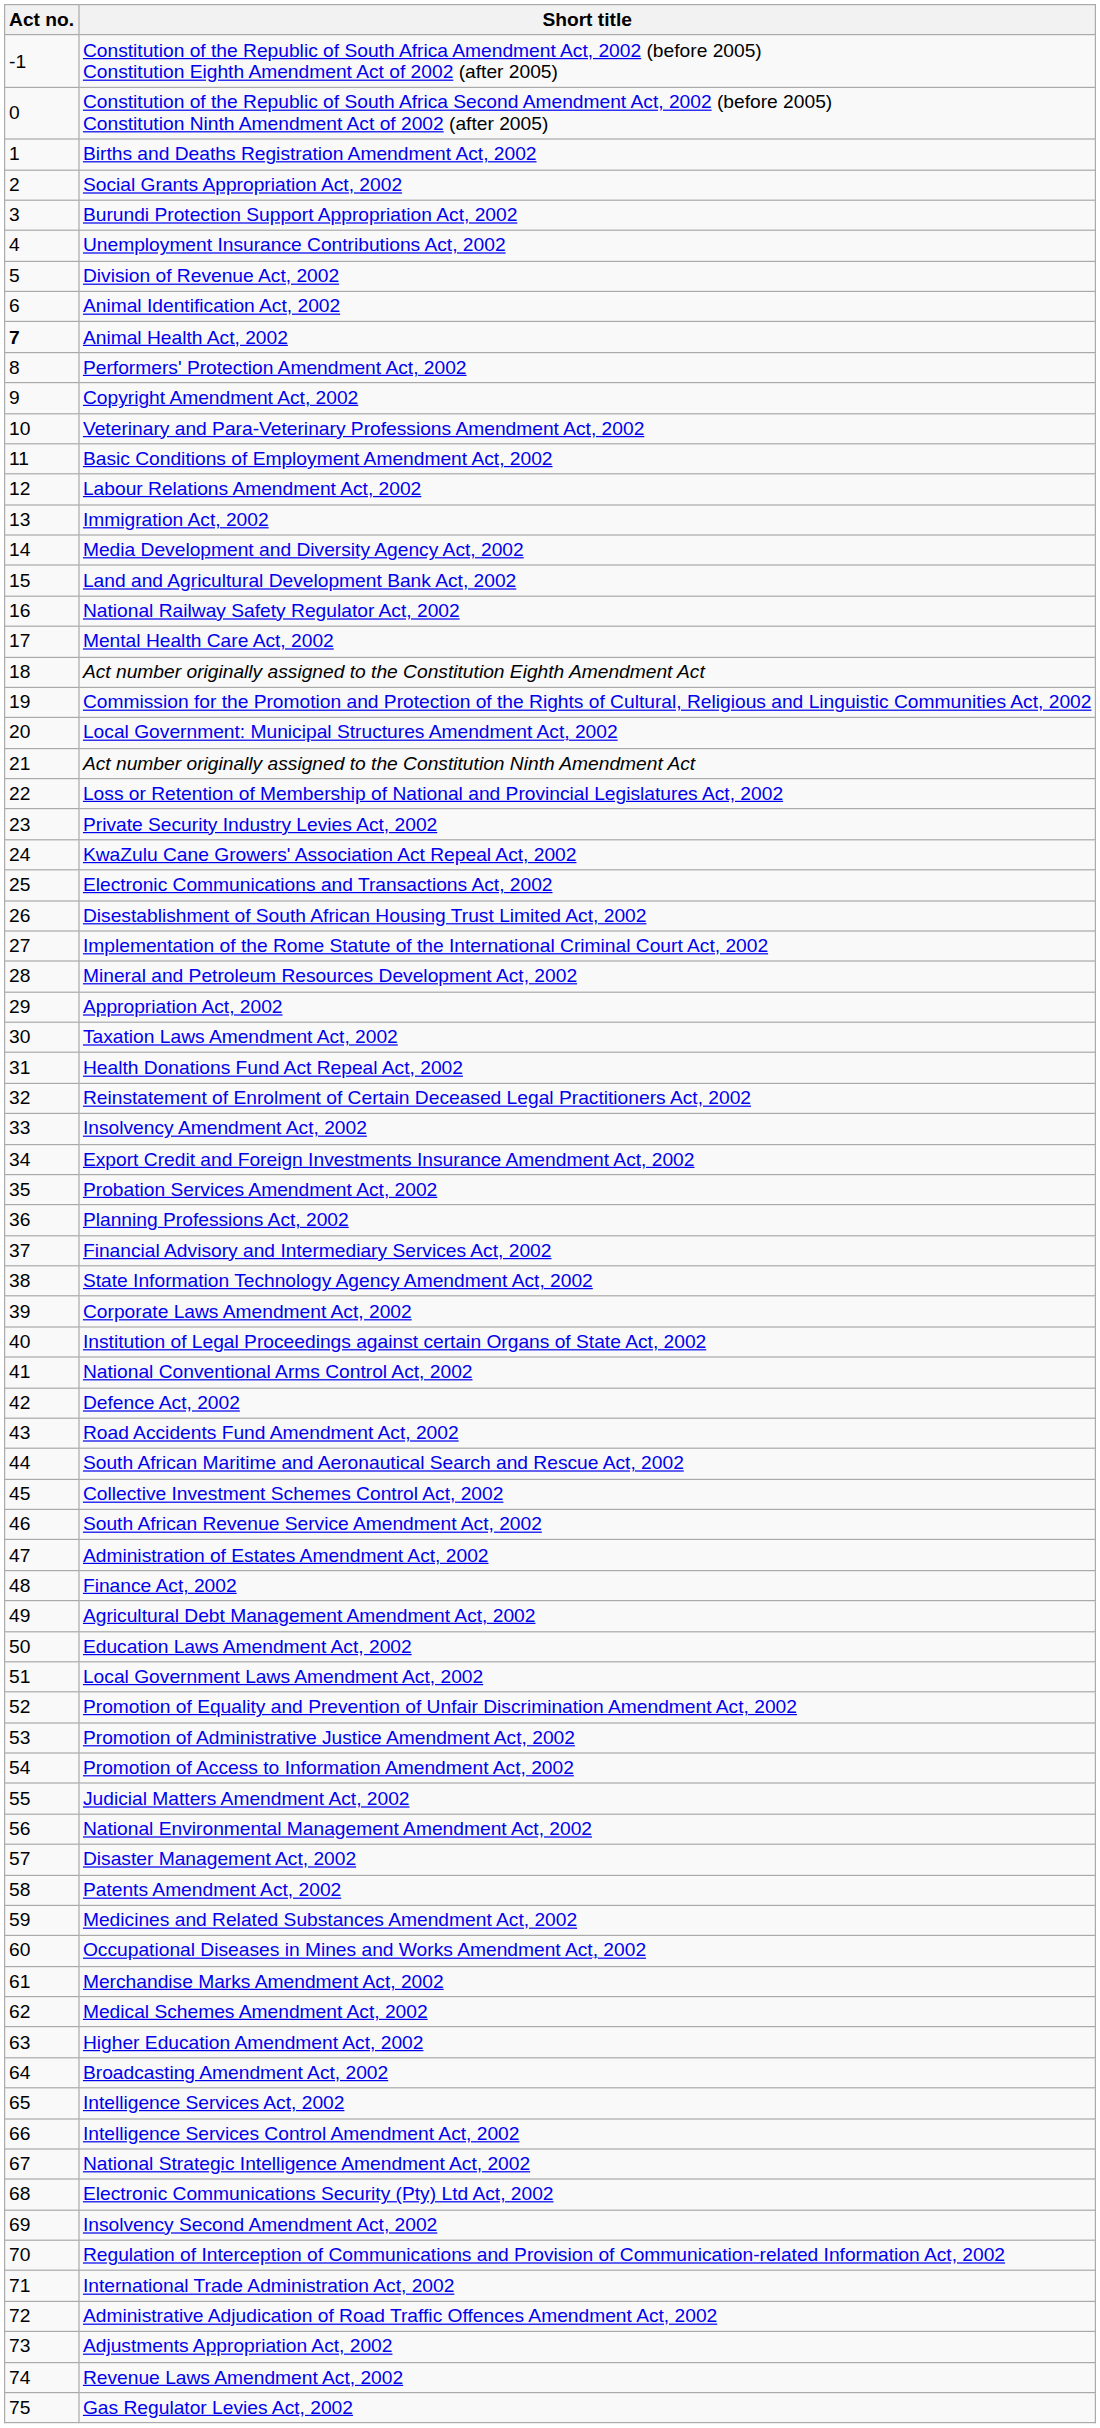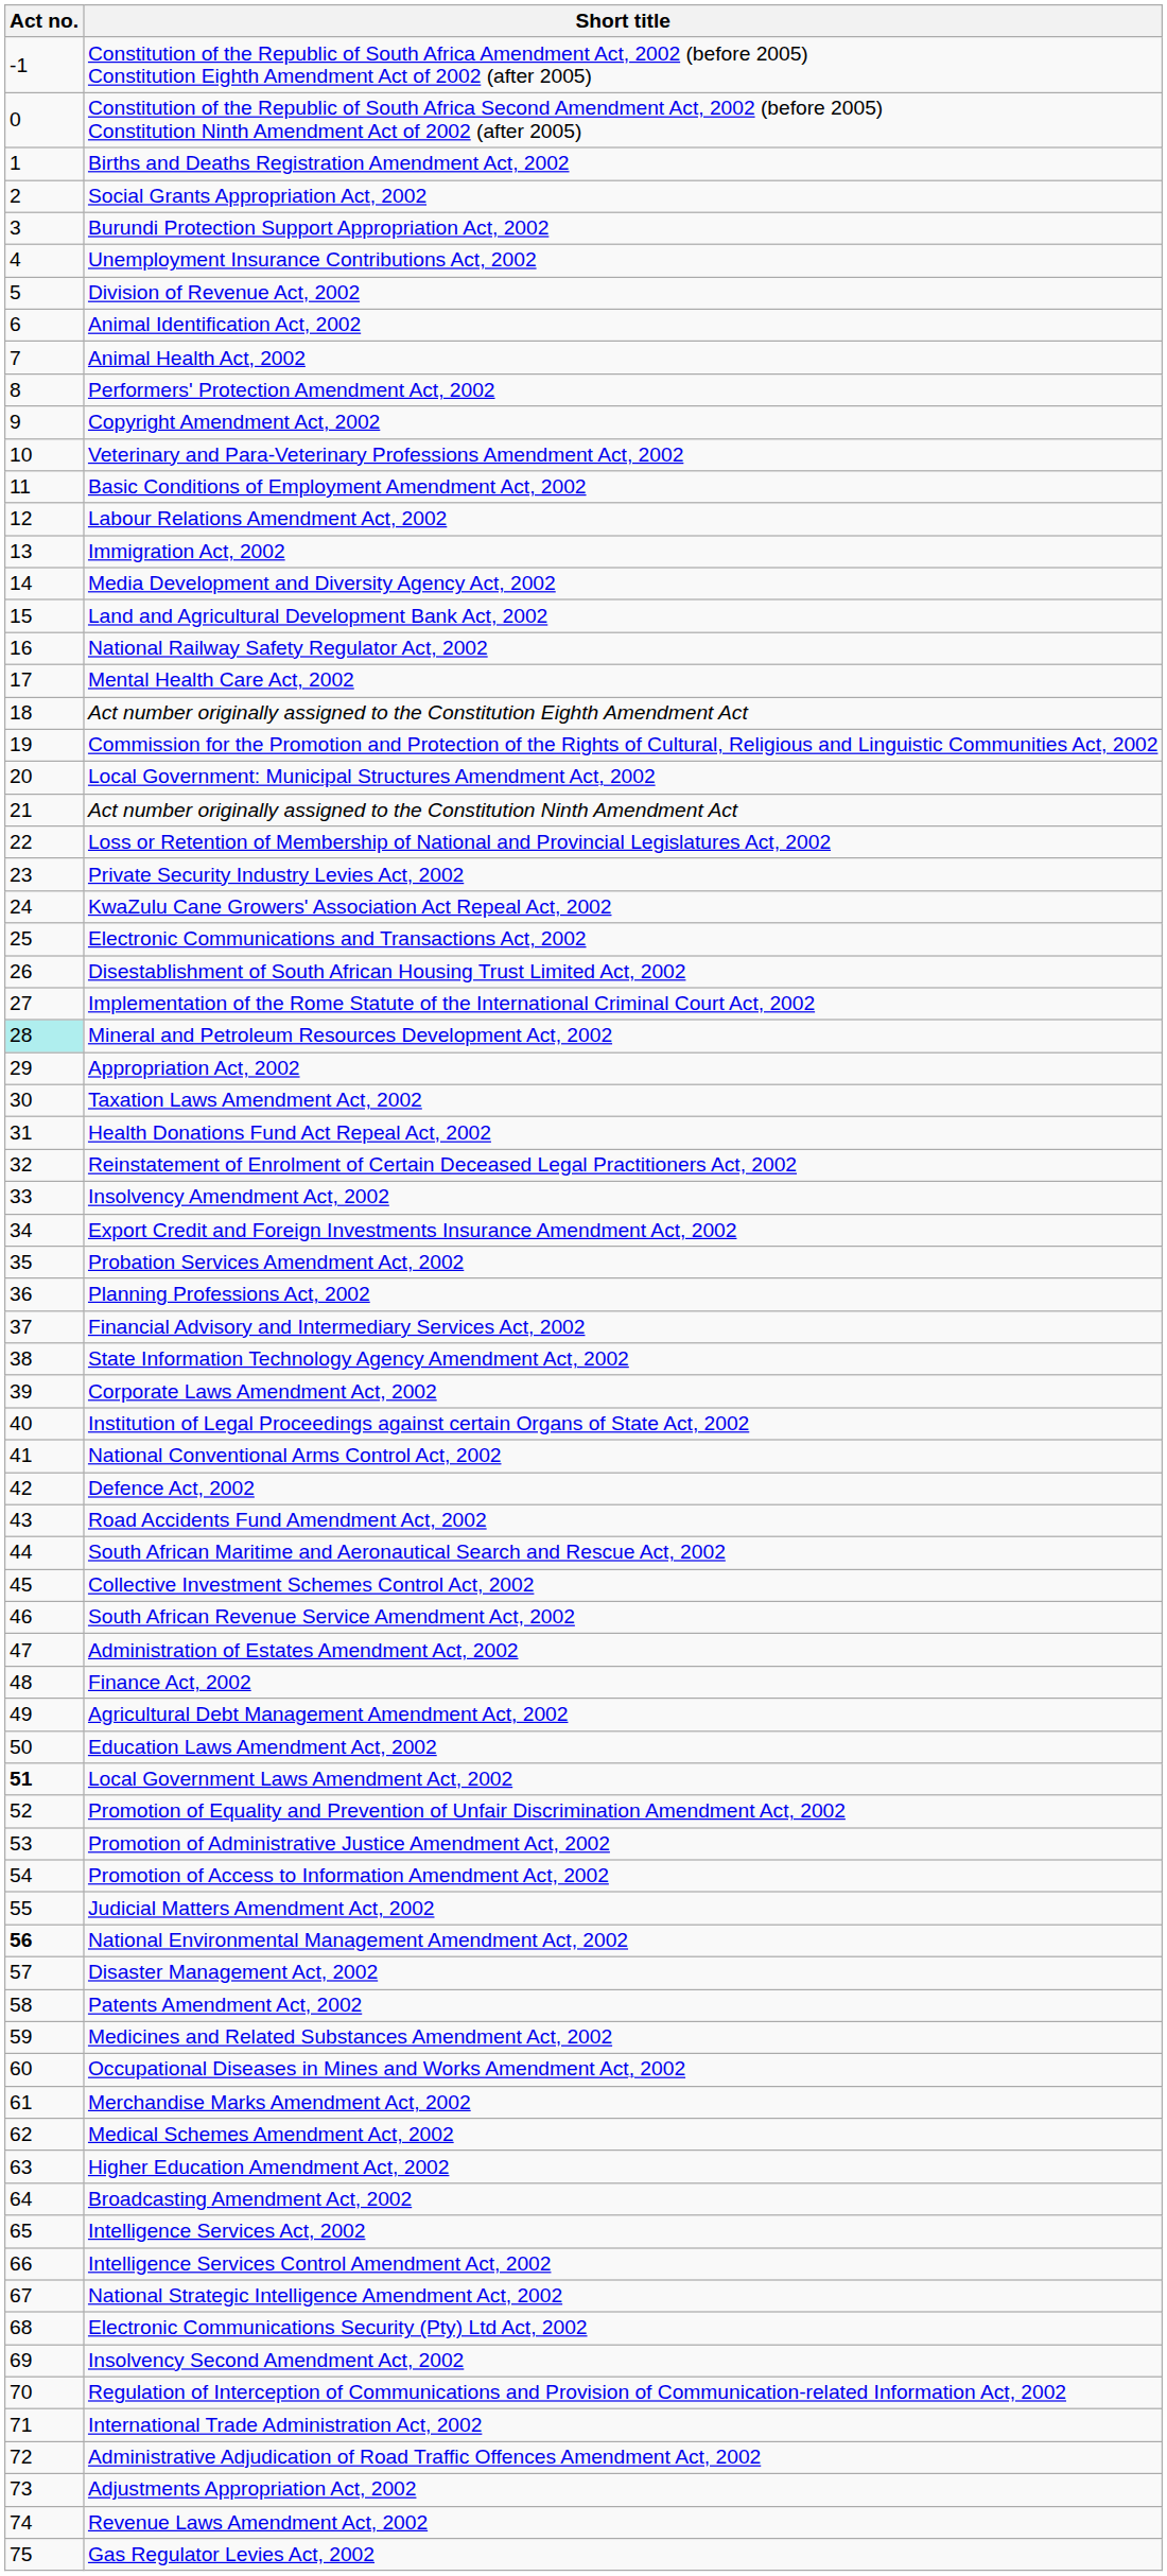 <table class="wikitable sortable">
 <tr>
 <th>Act no.</th>
 <th>Short title</th>
 </tr>
 <tr>
 <td><span>-1</span></td>
 <td><a href='#'>Constitution of the Republic of South Africa Amendment Act, 2002</a> (before 2005) <br><a href='#'>Constitution Eighth Amendment Act of 2002</a> (after 2005)</td>
 </tr>
 <tr>
 <td><span>0</span></td>
 <td><a href='#'>Constitution of the Republic of South Africa Second Amendment Act, 2002</a> (before 2005) <br><a href='#'>Constitution Ninth Amendment Act of 2002</a> (after 2005)</td>
 </tr>
 <tr>
 <td>1</td>
 <td><a href='#'>Births and Deaths Registration Amendment Act, 2002</a></td>
 </tr>
 <tr>
 <td>2</td>
 <td><a href='#'>Social Grants Appropriation Act, 2002</a></td>
 </tr>
 <tr>
 <td>3</td>
 <td><a href='#'>Burundi Protection Support Appropriation Act, 2002</a></td>
 </tr>
 <tr>
 <td>4</td>
 <td><a href='#'>Unemployment Insurance Contributions Act, 2002</a></td>
 </tr>
 <tr>
 <td>5</td>
 <td><a href='#'>Division of Revenue Act, 2002</a></td>
 </tr>
 <tr>
 <td>6</td>
 <td><a href='#'>Animal Identification Act, 2002</a></td>
 </tr>
 <tr>
-<td><strong>7</strong></td>
+<td>7</td>
 <td><a href='#'>Animal Health Act, 2002</a></td>
 </tr>
 <tr>
 <td>8</td>
 <td><a href='#'>Performers' Protection Amendment Act, 2002</a></td>
 </tr>
 <tr>
 <td>9</td>
 <td><a href='#'>Copyright Amendment Act, 2002</a></td>
 </tr>
 <tr>
 <td>10</td>
 <td><a href='#'>Veterinary and Para-Veterinary Professions Amendment Act, 2002</a></td>
 </tr>
 <tr>
 <td>11</td>
 <td><a href='#'>Basic Conditions of Employment Amendment Act, 2002</a></td>
 </tr>
 <tr>
 <td>12</td>
 <td><a href='#'>Labour Relations Amendment Act, 2002</a></td>
 </tr>
 <tr>
 <td>13</td>
 <td><a href='#'>Immigration Act, 2002</a></td>
 </tr>
 <tr>
 <td>14</td>
 <td><a href='#'>Media Development and Diversity Agency Act, 2002</a></td>
 </tr>
 <tr>
 <td>15</td>
 <td><a href='#'>Land and Agricultural Development Bank Act, 2002</a></td>
 </tr>
 <tr>
 <td>16</td>
 <td><a href='#'>National Railway Safety Regulator Act, 2002</a></td>
 </tr>
 <tr>
 <td>17</td>
 <td><a href='#'>Mental Health Care Act, 2002</a></td>
 </tr>
 <tr>
 <td>18</td>
 <td><em>Act number originally assigned to the Constitution Eighth Amendment Act</em></td>
 </tr>
 <tr>
 <td>19</td>
 <td><a href='#'>Commission for the Promotion and Protection of the Rights of Cultural, Religious and Linguistic Communities Act, 2002</a></td>
 </tr>
 <tr>
 <td>20</td>
 <td><a href='#'>Local Government: Municipal Structures Amendment Act, 2002</a></td>
 </tr>
 <tr>
 <td>21</td>
 <td><em>Act number originally assigned to the Constitution Ninth Amendment Act</em></td>
 </tr>
 <tr>
 <td>22</td>
 <td><a href='#'>Loss or Retention of Membership of National and Provincial Legislatures Act, 2002</a></td>
 </tr>
 <tr>
 <td>23</td>
 <td><a href='#'>Private Security Industry Levies Act, 2002</a></td>
 </tr>
 <tr>
 <td>24</td>
 <td><a href='#'>KwaZulu Cane Growers' Association Act Repeal Act, 2002</a></td>
 </tr>
 <tr>
 <td>25</td>
 <td><a href='#'>Electronic Communications and Transactions Act, 2002</a></td>
 </tr>
 <tr>
 <td>26</td>
 <td><a href='#'>Disestablishment of South African Housing Trust Limited Act, 2002</a></td>
 </tr>
 <tr>
 <td>27</td>
 <td><a href='#'>Implementation of the Rome Statute of the International Criminal Court Act, 2002</a></td>
 </tr>
 <tr>
-<td>28</td>
+<td style="background: paleturquoise;">28</td>
 <td><a href='#'>Mineral and Petroleum Resources Development Act, 2002</a></td>
 </tr>
 <tr>
 <td>29</td>
 <td><a href='#'>Appropriation Act, 2002</a></td>
 </tr>
 <tr>
 <td>30</td>
 <td><a href='#'>Taxation Laws Amendment Act, 2002</a></td>
 </tr>
 <tr>
 <td>31</td>
 <td><a href='#'>Health Donations Fund Act Repeal Act, 2002</a></td>
 </tr>
 <tr>
 <td>32</td>
 <td><a href='#'>Reinstatement of Enrolment of Certain Deceased Legal Practitioners Act, 2002</a></td>
 </tr>
 <tr>
 <td>33</td>
 <td><a href='#'>Insolvency Amendment Act, 2002</a></td>
 </tr>
 <tr>
 <td>34</td>
 <td><a href='#'>Export Credit and Foreign Investments Insurance Amendment Act, 2002</a></td>
 </tr>
 <tr>
 <td>35</td>
 <td><a href='#'>Probation Services Amendment Act, 2002</a></td>
 </tr>
 <tr>
 <td>36</td>
 <td><a href='#'>Planning Professions Act, 2002</a></td>
 </tr>
 <tr>
 <td>37</td>
 <td><a href='#'>Financial Advisory and Intermediary Services Act, 2002</a></td>
 </tr>
 <tr>
 <td>38</td>
 <td><a href='#'>State Information Technology Agency Amendment Act, 2002</a></td>
 </tr>
 <tr>
 <td>39</td>
 <td><a href='#'>Corporate Laws Amendment Act, 2002</a></td>
 </tr>
 <tr>
 <td>40</td>
 <td><a href='#'>Institution of Legal Proceedings against certain Organs of State Act, 2002</a></td>
 </tr>
 <tr>
 <td>41</td>
 <td><a href='#'>National Conventional Arms Control Act, 2002</a></td>
 </tr>
 <tr>
 <td>42</td>
 <td><a href='#'>Defence Act, 2002</a></td>
 </tr>
 <tr>
 <td>43</td>
 <td><a href='#'>Road Accidents Fund Amendment Act, 2002</a></td>
 </tr>
 <tr>
 <td>44</td>
 <td><a href='#'>South African Maritime and Aeronautical Search and Rescue Act, 2002</a></td>
 </tr>
 <tr>
 <td>45</td>
 <td><a href='#'>Collective Investment Schemes Control Act, 2002</a></td>
 </tr>
 <tr>
 <td>46</td>
 <td><a href='#'>South African Revenue Service Amendment Act, 2002</a></td>
 </tr>
 <tr>
 <td>47</td>
 <td><a href='#'>Administration of Estates Amendment Act, 2002</a></td>
 </tr>
 <tr>
 <td>48</td>
 <td><a href='#'>Finance Act, 2002</a></td>
 </tr>
 <tr>
 <td>49</td>
 <td><a href='#'>Agricultural Debt Management Amendment Act, 2002</a></td>
 </tr>
 <tr>
 <td>50</td>
 <td><a href='#'>Education Laws Amendment Act, 2002</a></td>
 </tr>
 <tr>
-<td>51</td>
+<td><strong>51</strong></td>
 <td><a href='#'>Local Government Laws Amendment Act, 2002</a></td>
 </tr>
 <tr>
 <td>52</td>
 <td><a href='#'>Promotion of Equality and Prevention of Unfair Discrimination Amendment Act, 2002</a></td>
 </tr>
 <tr>
 <td>53</td>
 <td><a href='#'>Promotion of Administrative Justice Amendment Act, 2002</a></td>
 </tr>
 <tr>
 <td>54</td>
 <td><a href='#'>Promotion of Access to Information Amendment Act, 2002</a></td>
 </tr>
 <tr>
 <td>55</td>
 <td><a href='#'>Judicial Matters Amendment Act, 2002</a></td>
 </tr>
 <tr>
-<td>56</td>
+<td><strong>56</strong></td>
 <td><a href='#'>National Environmental Management Amendment Act, 2002</a></td>
 </tr>
 <tr>
 <td>57</td>
 <td><a href='#'>Disaster Management Act, 2002</a></td>
 </tr>
 <tr>
 <td>58</td>
 <td><a href='#'>Patents Amendment Act, 2002</a></td>
 </tr>
 <tr>
 <td>59</td>
 <td><a href='#'>Medicines and Related Substances Amendment Act, 2002</a></td>
 </tr>
 <tr>
 <td>60</td>
 <td><a href='#'>Occupational Diseases in Mines and Works Amendment Act, 2002</a></td>
 </tr>
 <tr>
 <td>61</td>
 <td><a href='#'>Merchandise Marks Amendment Act, 2002</a></td>
 </tr>
 <tr>
 <td>62</td>
 <td><a href='#'>Medical Schemes Amendment Act, 2002</a></td>
 </tr>
 <tr>
 <td>63</td>
 <td><a href='#'>Higher Education Amendment Act, 2002</a></td>
 </tr>
 <tr>
 <td>64</td>
 <td><a href='#'>Broadcasting Amendment Act, 2002</a></td>
 </tr>
 <tr>
 <td>65</td>
 <td><a href='#'>Intelligence Services Act, 2002</a></td>
 </tr>
 <tr>
 <td>66</td>
 <td><a href='#'>Intelligence Services Control Amendment Act, 2002</a></td>
 </tr>
 <tr>
 <td>67</td>
 <td><a href='#'>National Strategic Intelligence Amendment Act, 2002</a></td>
 </tr>
 <tr>
 <td>68</td>
 <td><a href='#'>Electronic Communications Security (Pty) Ltd Act, 2002</a></td>
 </tr>
 <tr>
 <td>69</td>
 <td><a href='#'>Insolvency Second Amendment Act, 2002</a></td>
 </tr>
 <tr>
 <td>70</td>
 <td><a href='#'>Regulation of Interception of Communications and Provision of Communication-related Information Act, 2002</a></td>
 </tr>
 <tr>
 <td>71</td>
 <td><a href='#'>International Trade Administration Act, 2002</a></td>
 </tr>
 <tr>
 <td>72</td>
 <td><a href='#'>Administrative Adjudication of Road Traffic Offences Amendment Act, 2002</a></td>
 </tr>
 <tr>
 <td>73</td>
 <td><a href='#'>Adjustments Appropriation Act, 2002</a></td>
 </tr>
 <tr>
 <td>74</td>
 <td><a href='#'>Revenue Laws Amendment Act, 2002</a></td>
 </tr>
 <tr>
 <td>75</td>
 <td><a href='#'>Gas Regulator Levies Act, 2002</a></td>
 </tr>
 </table>
